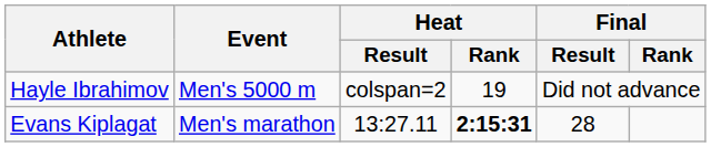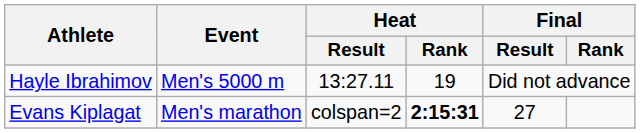 <table class="wikitable" style="font-size:90%">
 <tr>
 <th rowspan="2">Athlete</th>
 <th rowspan="2">Event</th>
 <th colspan="2">Heat</th>
 <th colspan="2">Final</th>
 </tr>
 <tr style="font-size:95%">
 <th>Result</th>
 <th>Rank</th>
 <th>Result</th>
 <th>Rank</th>
 </tr>
 <tr align=center>
 <td align=left><a href='#'>Hayle Ibrahimov</a></td>
 <td align=left><a href='#'>Men's 5000 m</a></td>
-<td>colspan=2 </td>
+<td>13:27.11</td>
 <td>19</td>
 <td colspan=2>Did not advance</td>
 </tr>
 <tr align=center>
 <td align=left><a href='#'>Evans Kiplagat</a></td>
 <td align=left><a href='#'>Men's marathon</a></td>
-<td>13:27.11</td>
+<td>colspan=2 </td>
 <td><strong>2:15:31</strong></td>
-<td>28</td>
+<td>27</td>
 </tr>
 </table>
